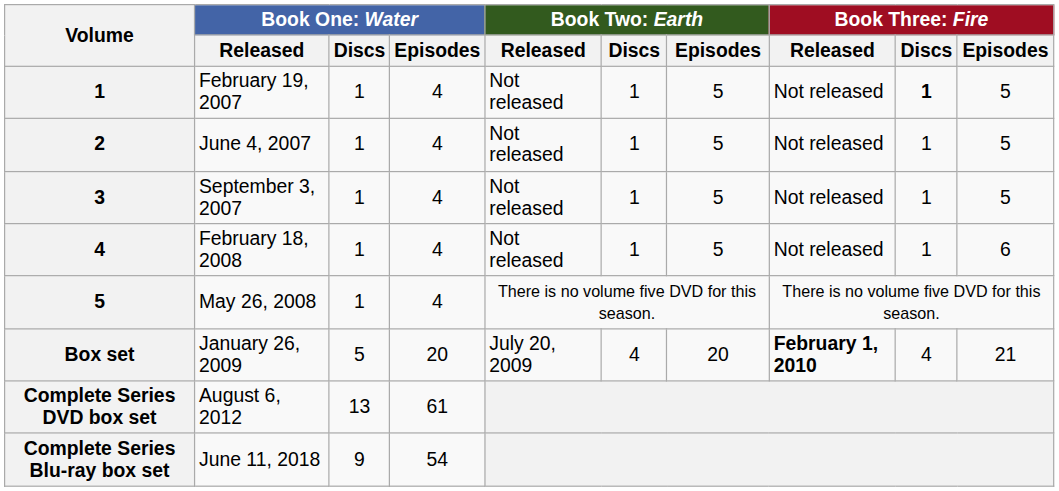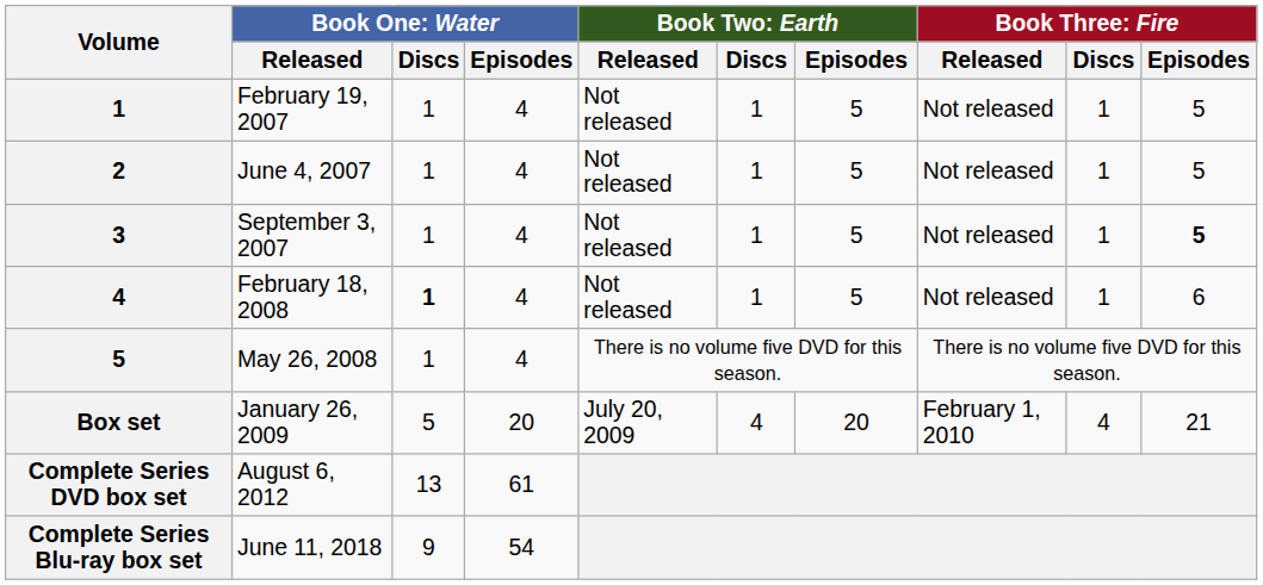 <table class="wikitable">
 <tr>
 <th rowspan="2">Volume</th>
 <th colspan="3" style="background-color: #4364A7; color:white;">Book One: <em>Water</em></th>
 <th colspan="3" style="background-color: #325A1E; color:white;">Book Two: <em>Earth</em></th>
 <th colspan="3" style="background-color: #9F0D22; color:white;">Book Three: <em>Fire</em></th>
 </tr>
 <tr>
 <th>Released</th>
 <th>Discs</th>
 <th>Episodes</th>
 <th>Released</th>
 <th>Discs</th>
 <th>Episodes</th>
 <th>Released</th>
 <th>Discs</th>
 <th>Episodes</th>
 </tr>
 <tr>
 <th>1</th>
 <td>February 19, 2007</td>
 <td align=center>1</td>
 <td align=center>4</td>
 <td>Not released</td>
 <td align=center>1</td>
 <td align=center>5</td>
 <td>Not released</td>
-<td align=center><strong>1</strong></td>
+<td align=center>1</td>
 <td align=center>5</td>
 </tr>
 <tr>
 <th>2</th>
 <td>June 4, 2007</td>
 <td align=center>1</td>
 <td align=center>4</td>
 <td>Not released</td>
 <td align=center>1</td>
 <td align=center>5</td>
 <td>Not released</td>
 <td align=center>1</td>
 <td align=center>5</td>
 </tr>
 <tr>
 <th>3</th>
 <td>September 3, 2007</td>
 <td align=center>1</td>
 <td align=center>4</td>
 <td>Not released</td>
 <td align=center>1</td>
 <td align=center>5</td>
 <td>Not released</td>
 <td align=center>1</td>
-<td align=center>5</td>
+<td align=center><strong>5</strong></td>
 </tr>
 <tr>
 <th>4</th>
 <td>February 18, 2008</td>
-<td align=center>1</td>
+<td align=center><strong>1</strong></td>
 <td align=center>4</td>
 <td>Not released</td>
 <td align=center>1</td>
 <td align=center>5</td>
 <td>Not released</td>
 <td align=center>1</td>
 <td align=center>6</td>
 </tr>
 <tr>
 <th>5</th>
 <td>May 26, 2008</td>
 <td align=center>1</td>
 <td align=center>4</td>
 <td colspan=3 align=center><small>There is no volume five DVD for this season.</small></td>
 <td colspan=3 align=center><small>There is no volume five DVD for this season.</small></td>
 </tr>
 <tr>
 <th>Box set</th>
 <td>January 26, 2009</td>
 <td align=center>5</td>
 <td align=center>20</td>
 <td>July 20, 2009</td>
 <td align=center>4</td>
 <td align=center>20</td>
-<td><strong>February 1, 2010</strong></td>
+<td>February 1, 2010</td>
 <td align=center>4</td>
 <td align=center>21</td>
 </tr>
 <tr>
 <th>Complete Series DVD box set</th>
 <td>August 6, 2012</td>
 <td align=center>13</td>
 <td align=center>61</td>
 <th colspan="6"></th>
 </tr>
 <tr>
 <th>Complete Series Blu-ray box set</th>
 <td>June 11, 2018</td>
 <td align=center>9</td>
 <td align=center>54</td>
 <th colspan="6"></th>
 </tr>
 </table>
